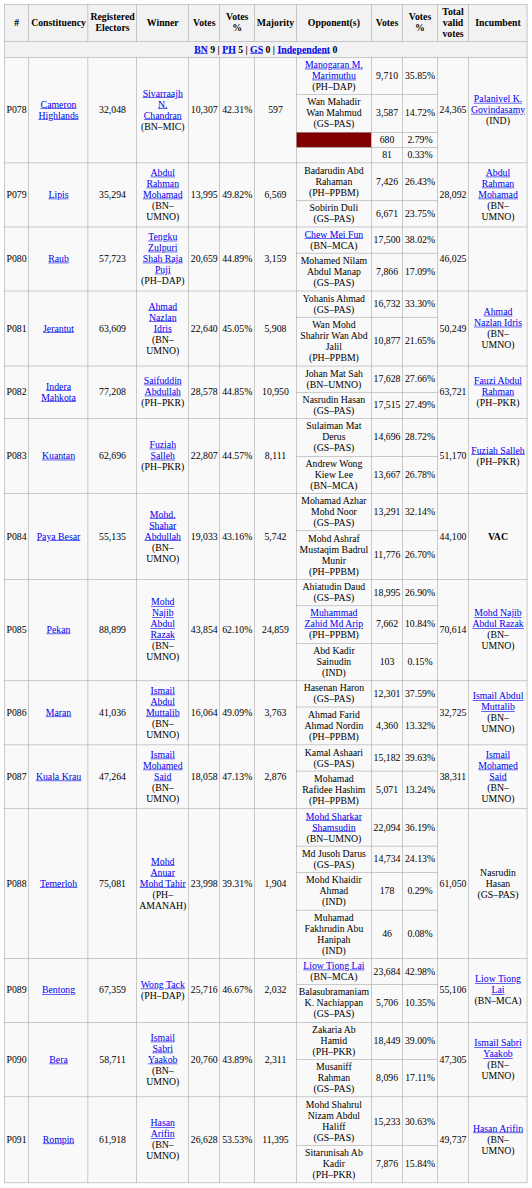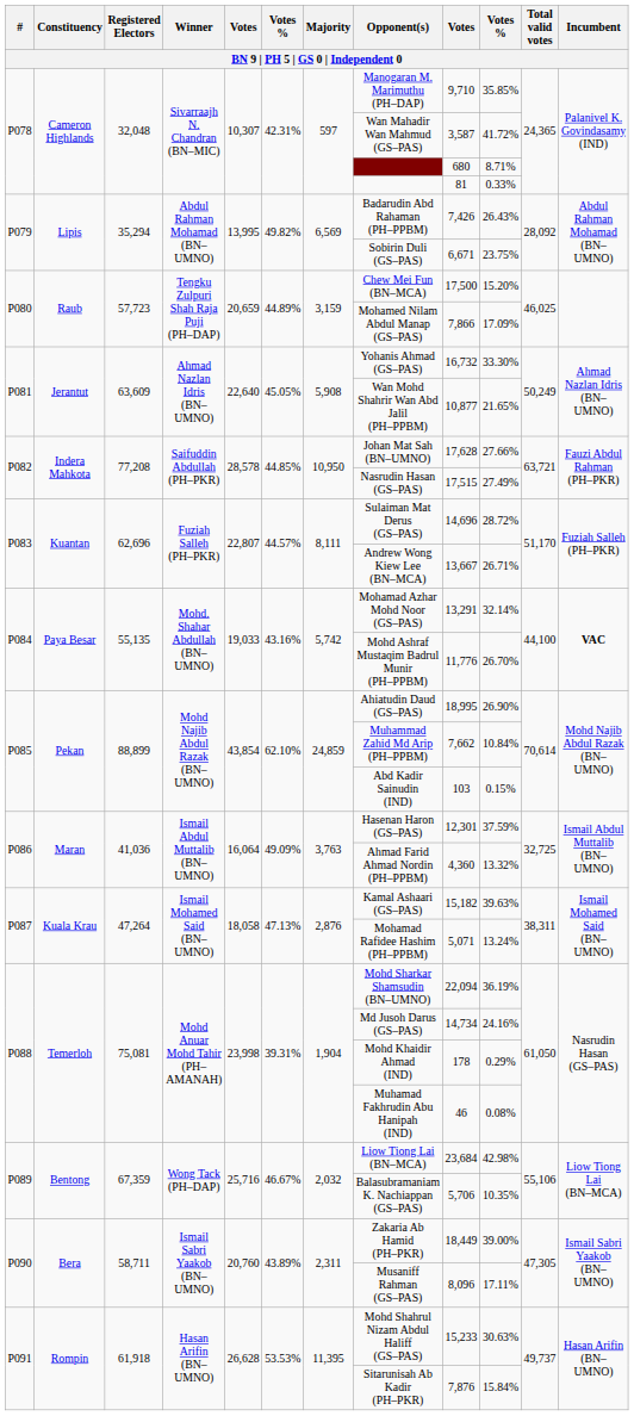 <table class="wikitable sortable" style">
 <tr>
 <th>#</th>
 <th>Constituency</th>
 <th>Registered Electors</th>
 <th>Winner</th>
 <th>Votes</th>
 <th>Votes %</th>
 <th>Majority</th>
 <th>Opponent(s)</th>
 <th>Votes</th>
 <th>Votes %</th>
 <th>Total valid votes</th>
 <th>Incumbent</th>
 </tr>
 <tr>
 <th colspan="13"><a href='#'>BN</a> <strong>9</strong> | <a href='#'>PH</a> <strong>5</strong> | <a href='#'>GS</a> <strong>0</strong> | <a href='#'>Independent</a> <strong>0</strong></th>
 </tr>
 <tr align="center">
 <td rowspan=4>P078</td>
 <td rowspan=4><a href='#'>Cameron Highlands</a></td>
 <td rowspan=4>32,048</td>
 <td rowspan=4><a href='#'>Sivarraajh N. Chandran</a><br>(BN–MIC)</td>
 <td rowspan=4>10,307</td>
 <td rowspan=4>42.31%</td>
 <td rowspan=4>597</td>
 <td><a href='#'>Manogaran M. Marimuthu</a><br>(PH–DAP)</td>
 <td>9,710</td>
 <td>35.85%</td>
 <td rowspan=4>24,365</td>
 <td rowspan=4><a href='#'>Palanivel K. Govindasamy</a><br>(IND)</td>
 </tr>
 <tr align="center">
 <td>Wan Mahadir Wan Mahmud<br>(GS–PAS)</td>
 <td>3,587</td>
-<td>14.72%</td>
+<td>41.72%</td>
 </tr>
 <tr align="center">
 <td bgcolor="maroon"></td>
 <td>680</td>
-<td>2.79%</td>
+<td>8.71%</td>
 </tr>
 <tr align="center">
 <td></td>
 <td>81</td>
 <td>0.33%</td>
 </tr>
 <tr align="center">
 <td rowspan=2>P079</td>
 <td rowspan=2><a href='#'>Lipis</a></td>
 <td rowspan=2>35,294</td>
 <td rowspan=2><a href='#'>Abdul Rahman Mohamad</a><br>(BN–UMNO)</td>
 <td rowspan=2>13,995</td>
 <td rowspan=2>49.82%</td>
 <td rowspan=2>6,569</td>
 <td>Badarudin Abd Rahaman<br>(PH–PPBM)</td>
 <td>7,426</td>
 <td>26.43%</td>
 <td rowspan=2>28,092</td>
 <td rowspan=2><a href='#'>Abdul Rahman Mohamad</a><br>(BN–UMNO)</td>
 </tr>
 <tr align="center">
 <td>Sobirin Duli<br>(GS–PAS)</td>
 <td>6,671</td>
 <td>23.75%</td>
 </tr>
 <tr align="center">
 <td rowspan=2>P080</td>
 <td rowspan=2><a href='#'>Raub</a></td>
 <td rowspan=2>57,723</td>
 <td rowspan=2><a href='#'>Tengku Zulpuri Shah Raja Puji</a><br>(PH–DAP)</td>
 <td rowspan=2>20,659</td>
 <td rowspan=2>44.89%</td>
 <td rowspan=2>3,159</td>
 <td><a href='#'>Chew Mei Fun</a><br>(BN–MCA)</td>
 <td>17,500</td>
-<td>38.02%</td>
+<td>15.20%</td>
 <td rowspan=2>46,025</td>
 <td rowspan=2></td>
 </tr>
 <tr align="center">
 <td>Mohamed Nilam Abdul Manap<br>(GS–PAS)</td>
 <td>7,866</td>
 <td>17.09%</td>
 </tr>
 <tr align="center">
 <td rowspan=2>P081</td>
 <td rowspan=2><a href='#'>Jerantut</a></td>
 <td rowspan=2>63,609</td>
 <td rowspan=2><a href='#'>Ahmad Nazlan Idris</a><br>(BN–UMNO)</td>
 <td rowspan=2>22,640</td>
 <td rowspan=2>45.05%</td>
 <td rowspan=2>5,908</td>
 <td>Yohanis Ahmad<br>(GS–PAS)</td>
 <td>16,732</td>
 <td>33.30%</td>
 <td rowspan=2>50,249</td>
 <td rowspan=2><a href='#'>Ahmad Nazlan Idris</a><br>(BN–UMNO)</td>
 </tr>
 <tr align="center">
 <td>Wan Mohd Shahrir Wan Abd Jalil<br>(PH–PPBM)</td>
 <td>10,877</td>
 <td>21.65%</td>
 </tr>
 <tr align="center">
 <td rowspan=2>P082</td>
 <td rowspan=2><a href='#'>Indera Mahkota</a></td>
 <td rowspan=2>77,208</td>
 <td rowspan=2><a href='#'>Saifuddin Abdullah</a><br>(PH–PKR)</td>
 <td rowspan=2>28,578</td>
 <td rowspan=2>44.85%</td>
 <td rowspan=2>10,950</td>
 <td>Johan Mat Sah<br>(BN–UMNO)</td>
 <td>17,628</td>
 <td>27.66%</td>
 <td rowspan=2>63,721</td>
 <td rowspan=2><a href='#'>Fauzi Abdul Rahman</a><br>(PH–PKR)</td>
 </tr>
 <tr align="center">
 <td>Nasrudin Hasan<br>(GS–PAS)</td>
 <td>17,515</td>
 <td>27.49%</td>
 </tr>
 <tr align="center">
 <td rowspan=2>P083</td>
 <td rowspan=2><a href='#'>Kuantan</a></td>
 <td rowspan=2>62,696</td>
 <td rowspan=2><a href='#'>Fuziah Salleh</a><br>(PH–PKR)</td>
 <td rowspan=2>22,807</td>
 <td rowspan=2>44.57%</td>
 <td rowspan=2>8,111</td>
 <td>Sulaiman Mat Derus<br>(GS–PAS)</td>
 <td>14,696</td>
 <td>28.72%</td>
 <td rowspan=2>51,170</td>
 <td rowspan=2><a href='#'>Fuziah Salleh</a><br>(PH–PKR)</td>
 </tr>
 <tr align="center">
 <td>Andrew Wong Kiew Lee<br>(BN–MCA)</td>
 <td>13,667</td>
-<td>26.78%</td>
+<td>26.71%</td>
 </tr>
 <tr align="center">
 <td rowspan=2>P084</td>
 <td rowspan=2><a href='#'>Paya Besar</a></td>
 <td rowspan=2>55,135</td>
 <td rowspan=2><a href='#'>Mohd. Shahar Abdullah</a><br>(BN–UMNO)</td>
 <td rowspan=2>19,033</td>
 <td rowspan=2>43.16%</td>
 <td rowspan=2>5,742</td>
 <td>Mohamad Azhar Mohd Noor<br>(GS–PAS)</td>
 <td>13,291</td>
 <td>32.14%</td>
 <td rowspan=2>44,100</td>
 <td rowspan=2><strong>VAC</strong></td>
 </tr>
 <tr align="center">
 <td>Mohd Ashraf Mustaqim Badrul Munir<br>(PH–PPBM)</td>
 <td>11,776</td>
 <td>26.70%</td>
 </tr>
 <tr align="center">
 <td rowspan=3>P085</td>
 <td rowspan=3><a href='#'>Pekan</a></td>
 <td rowspan=3>88,899</td>
 <td rowspan=3><a href='#'>Mohd Najib Abdul Razak</a><br>(BN–UMNO)</td>
 <td rowspan=3>43,854</td>
 <td rowspan=3>62.10%</td>
 <td rowspan=3>24,859</td>
 <td>Ahiatudin Daud<br>(GS–PAS)</td>
 <td>18,995</td>
 <td>26.90%</td>
 <td rowspan=3>70,614</td>
 <td rowspan=3><a href='#'>Mohd Najib Abdul Razak</a><br>(BN–UMNO)</td>
 </tr>
 <tr align="center">
 <td><a href='#'>Muhammad Zahid Md Arip</a><br>(PH–PPBM)</td>
 <td>7,662</td>
 <td>10.84%</td>
 </tr>
 <tr align="center">
 <td>Abd Kadir Sainudin<br>(IND)</td>
 <td>103</td>
 <td>0.15%</td>
 </tr>
 <tr align="center">
 <td rowspan=2>P086</td>
 <td rowspan=2><a href='#'>Maran</a></td>
 <td rowspan=2>41,036</td>
 <td rowspan=2><a href='#'>Ismail Abdul Muttalib</a><br>(BN–UMNO)</td>
 <td rowspan=2>16,064</td>
 <td rowspan=2>49.09%</td>
 <td rowspan=2>3,763</td>
 <td>Hasenan Haron<br>(GS–PAS)</td>
 <td>12,301</td>
 <td>37.59%</td>
 <td rowspan=2>32,725</td>
 <td rowspan=2><a href='#'>Ismail Abdul Muttalib</a><br>(BN–UMNO)</td>
 </tr>
 <tr align="center">
 <td>Ahmad Farid Ahmad Nordin<br>(PH–PPBM)</td>
 <td>4,360</td>
 <td>13.32%</td>
 </tr>
 <tr align="center">
 <td rowspan=2>P087</td>
 <td rowspan=2><a href='#'>Kuala Krau</a></td>
 <td rowspan=2>47,264</td>
 <td rowspan=2><a href='#'>Ismail Mohamed Said</a><br>(BN–UMNO)</td>
 <td rowspan=2>18,058</td>
 <td rowspan=2>47.13%</td>
 <td rowspan=2>2,876</td>
 <td>Kamal Ashaari<br>(GS–PAS)</td>
 <td>15,182</td>
 <td>39.63%</td>
 <td rowspan=2>38,311</td>
 <td rowspan=2><a href='#'>Ismail Mohamed Said</a><br>(BN–UMNO)</td>
 </tr>
 <tr align="center">
 <td>Mohamad Rafidee Hashim<br>(PH–PPBM)</td>
 <td>5,071</td>
 <td>13.24%</td>
 </tr>
 <tr align="center">
 <td rowspan=4>P088</td>
 <td rowspan=4><a href='#'>Temerloh</a></td>
 <td rowspan=4>75,081</td>
 <td rowspan=4><a href='#'>Mohd Anuar Mohd Tahir</a><br>(PH–AMANAH)</td>
 <td rowspan=4>23,998</td>
 <td rowspan=4>39.31%</td>
 <td rowspan=4>1,904</td>
 <td><a href='#'>Mohd Sharkar Shamsudin</a><br>(BN–UMNO)</td>
 <td>22,094</td>
 <td>36.19%</td>
 <td rowspan=4>61,050</td>
 <td rowspan=4>Nasrudin Hasan<br>(GS–PAS)</td>
 </tr>
 <tr align="center">
 <td>Md Jusoh Darus<br>(GS–PAS)</td>
 <td>14,734</td>
-<td>24.13%</td>
+<td>24.16%</td>
 </tr>
 <tr align="center">
 <td>Mohd Khaidir Ahmad<br>(IND)</td>
 <td>178</td>
 <td>0.29%</td>
 </tr>
 <tr align="center">
 <td>Muhamad Fakhrudin Abu Hanipah<br>(IND)</td>
 <td>46</td>
 <td>0.08%</td>
 </tr>
 <tr align="center">
 <td rowspan=2>P089</td>
 <td rowspan=2><a href='#'>Bentong</a></td>
 <td rowspan=2>67,359</td>
 <td rowspan=2><a href='#'>Wong Tack</a><br>(PH–DAP)</td>
 <td rowspan=2>25,716</td>
 <td rowspan=2>46.67%</td>
 <td rowspan=2>2,032</td>
 <td><a href='#'>Liow Tiong Lai</a> <br>(BN–MCA)</td>
 <td>23,684</td>
 <td>42.98%</td>
 <td rowspan=2>55,106</td>
 <td rowspan=2><a href='#'>Liow Tiong Lai</a> <br>(BN–MCA)</td>
 </tr>
 <tr align="center">
 <td>Balasubramaniam K. Nachiappan<br>(GS–PAS)</td>
 <td>5,706</td>
 <td>10.35%</td>
 </tr>
 <tr align="center">
 <td rowspan=2>P090</td>
 <td rowspan=2><a href='#'>Bera</a></td>
 <td rowspan=2>58,711</td>
 <td rowspan=2><a href='#'>Ismail Sabri Yaakob</a><br>(BN–UMNO)</td>
 <td rowspan=2>20,760</td>
 <td rowspan=2>43.89%</td>
 <td rowspan=2>2,311</td>
 <td>Zakaria Ab Hamid<br>(PH–PKR)</td>
 <td>18,449</td>
 <td>39.00%</td>
 <td rowspan=2>47,305</td>
 <td rowspan=2><a href='#'>Ismail Sabri Yaakob</a><br>(BN–UMNO)</td>
 </tr>
 <tr align="center">
 <td>Musaniff Rahman<br>(GS–PAS)</td>
 <td>8,096</td>
 <td>17.11%</td>
 </tr>
 <tr align="center">
 <td rowspan=2>P091</td>
 <td rowspan=2><a href='#'>Rompin</a></td>
 <td rowspan=2>61,918</td>
 <td rowspan=2><a href='#'>Hasan Arifin</a><br>(BN–UMNO)</td>
 <td rowspan=2>26,628</td>
 <td rowspan=2>53.53%</td>
 <td rowspan=2>11,395</td>
 <td>Mohd Shahrul Nizam Abdul Haliff<br>(GS–PAS)</td>
 <td>15,233</td>
 <td>30.63%</td>
 <td rowspan=2>49,737</td>
 <td rowspan=2><a href='#'>Hasan Arifin</a><br>(BN–UMNO)</td>
 </tr>
 <tr align="center">
 <td>Sitarunisah Ab Kadir<br>(PH–PKR)</td>
 <td>7,876</td>
 <td>15.84%</td>
 </tr>
 </table>
